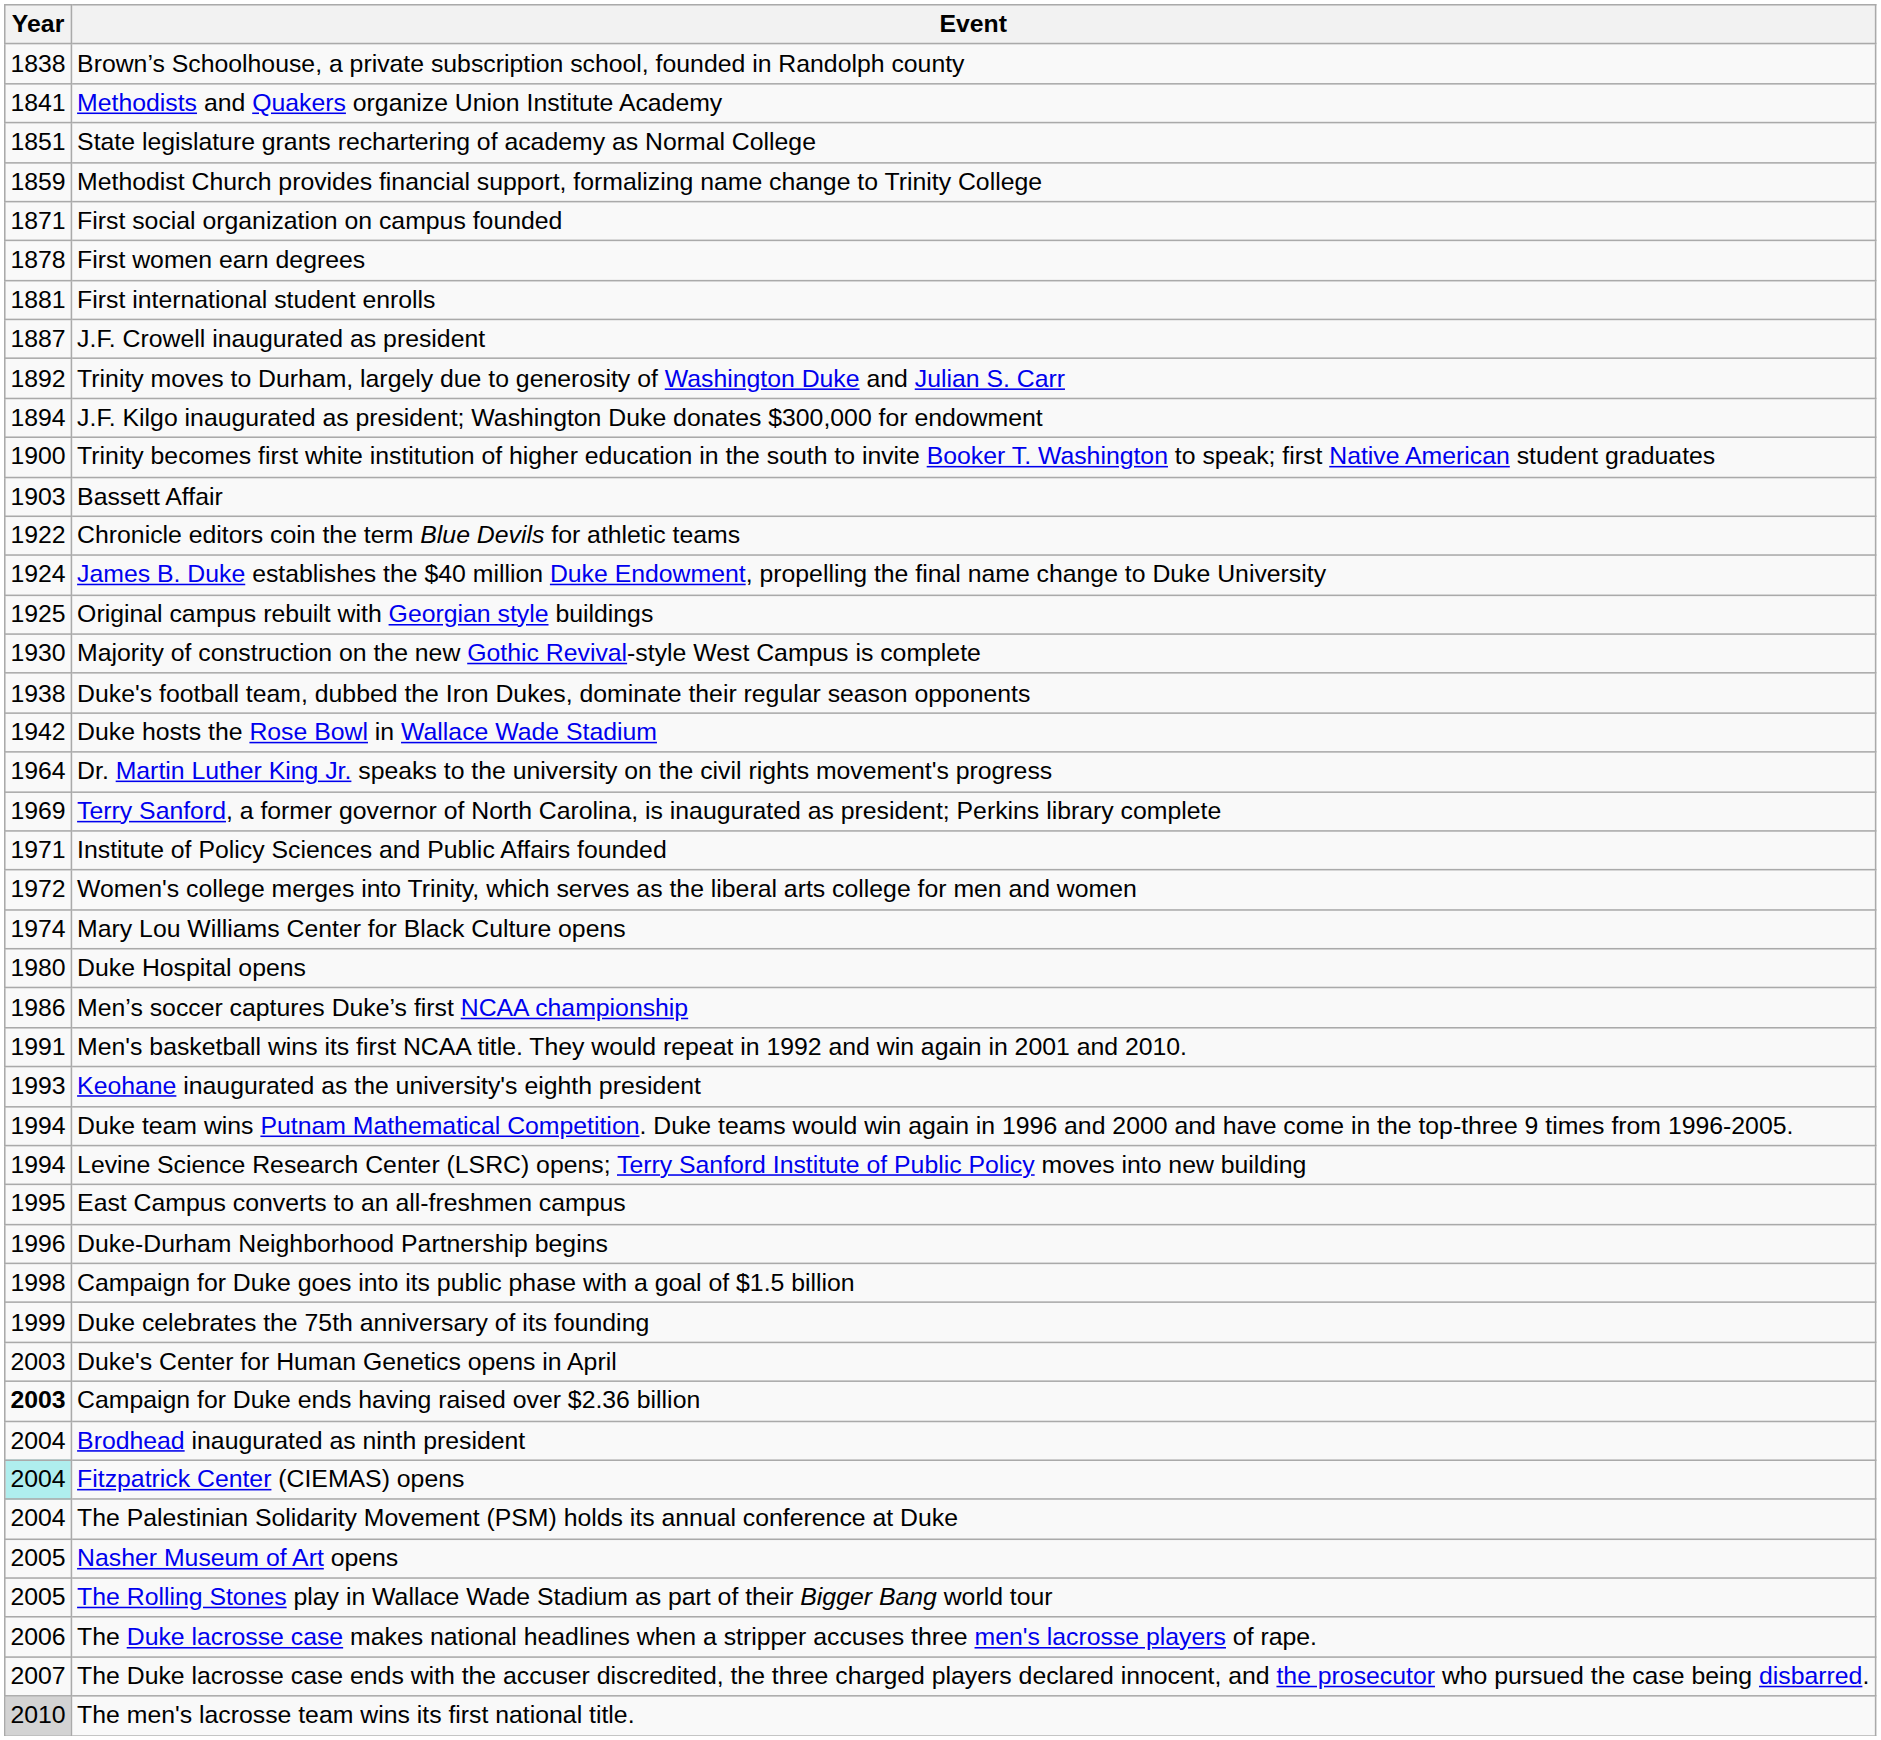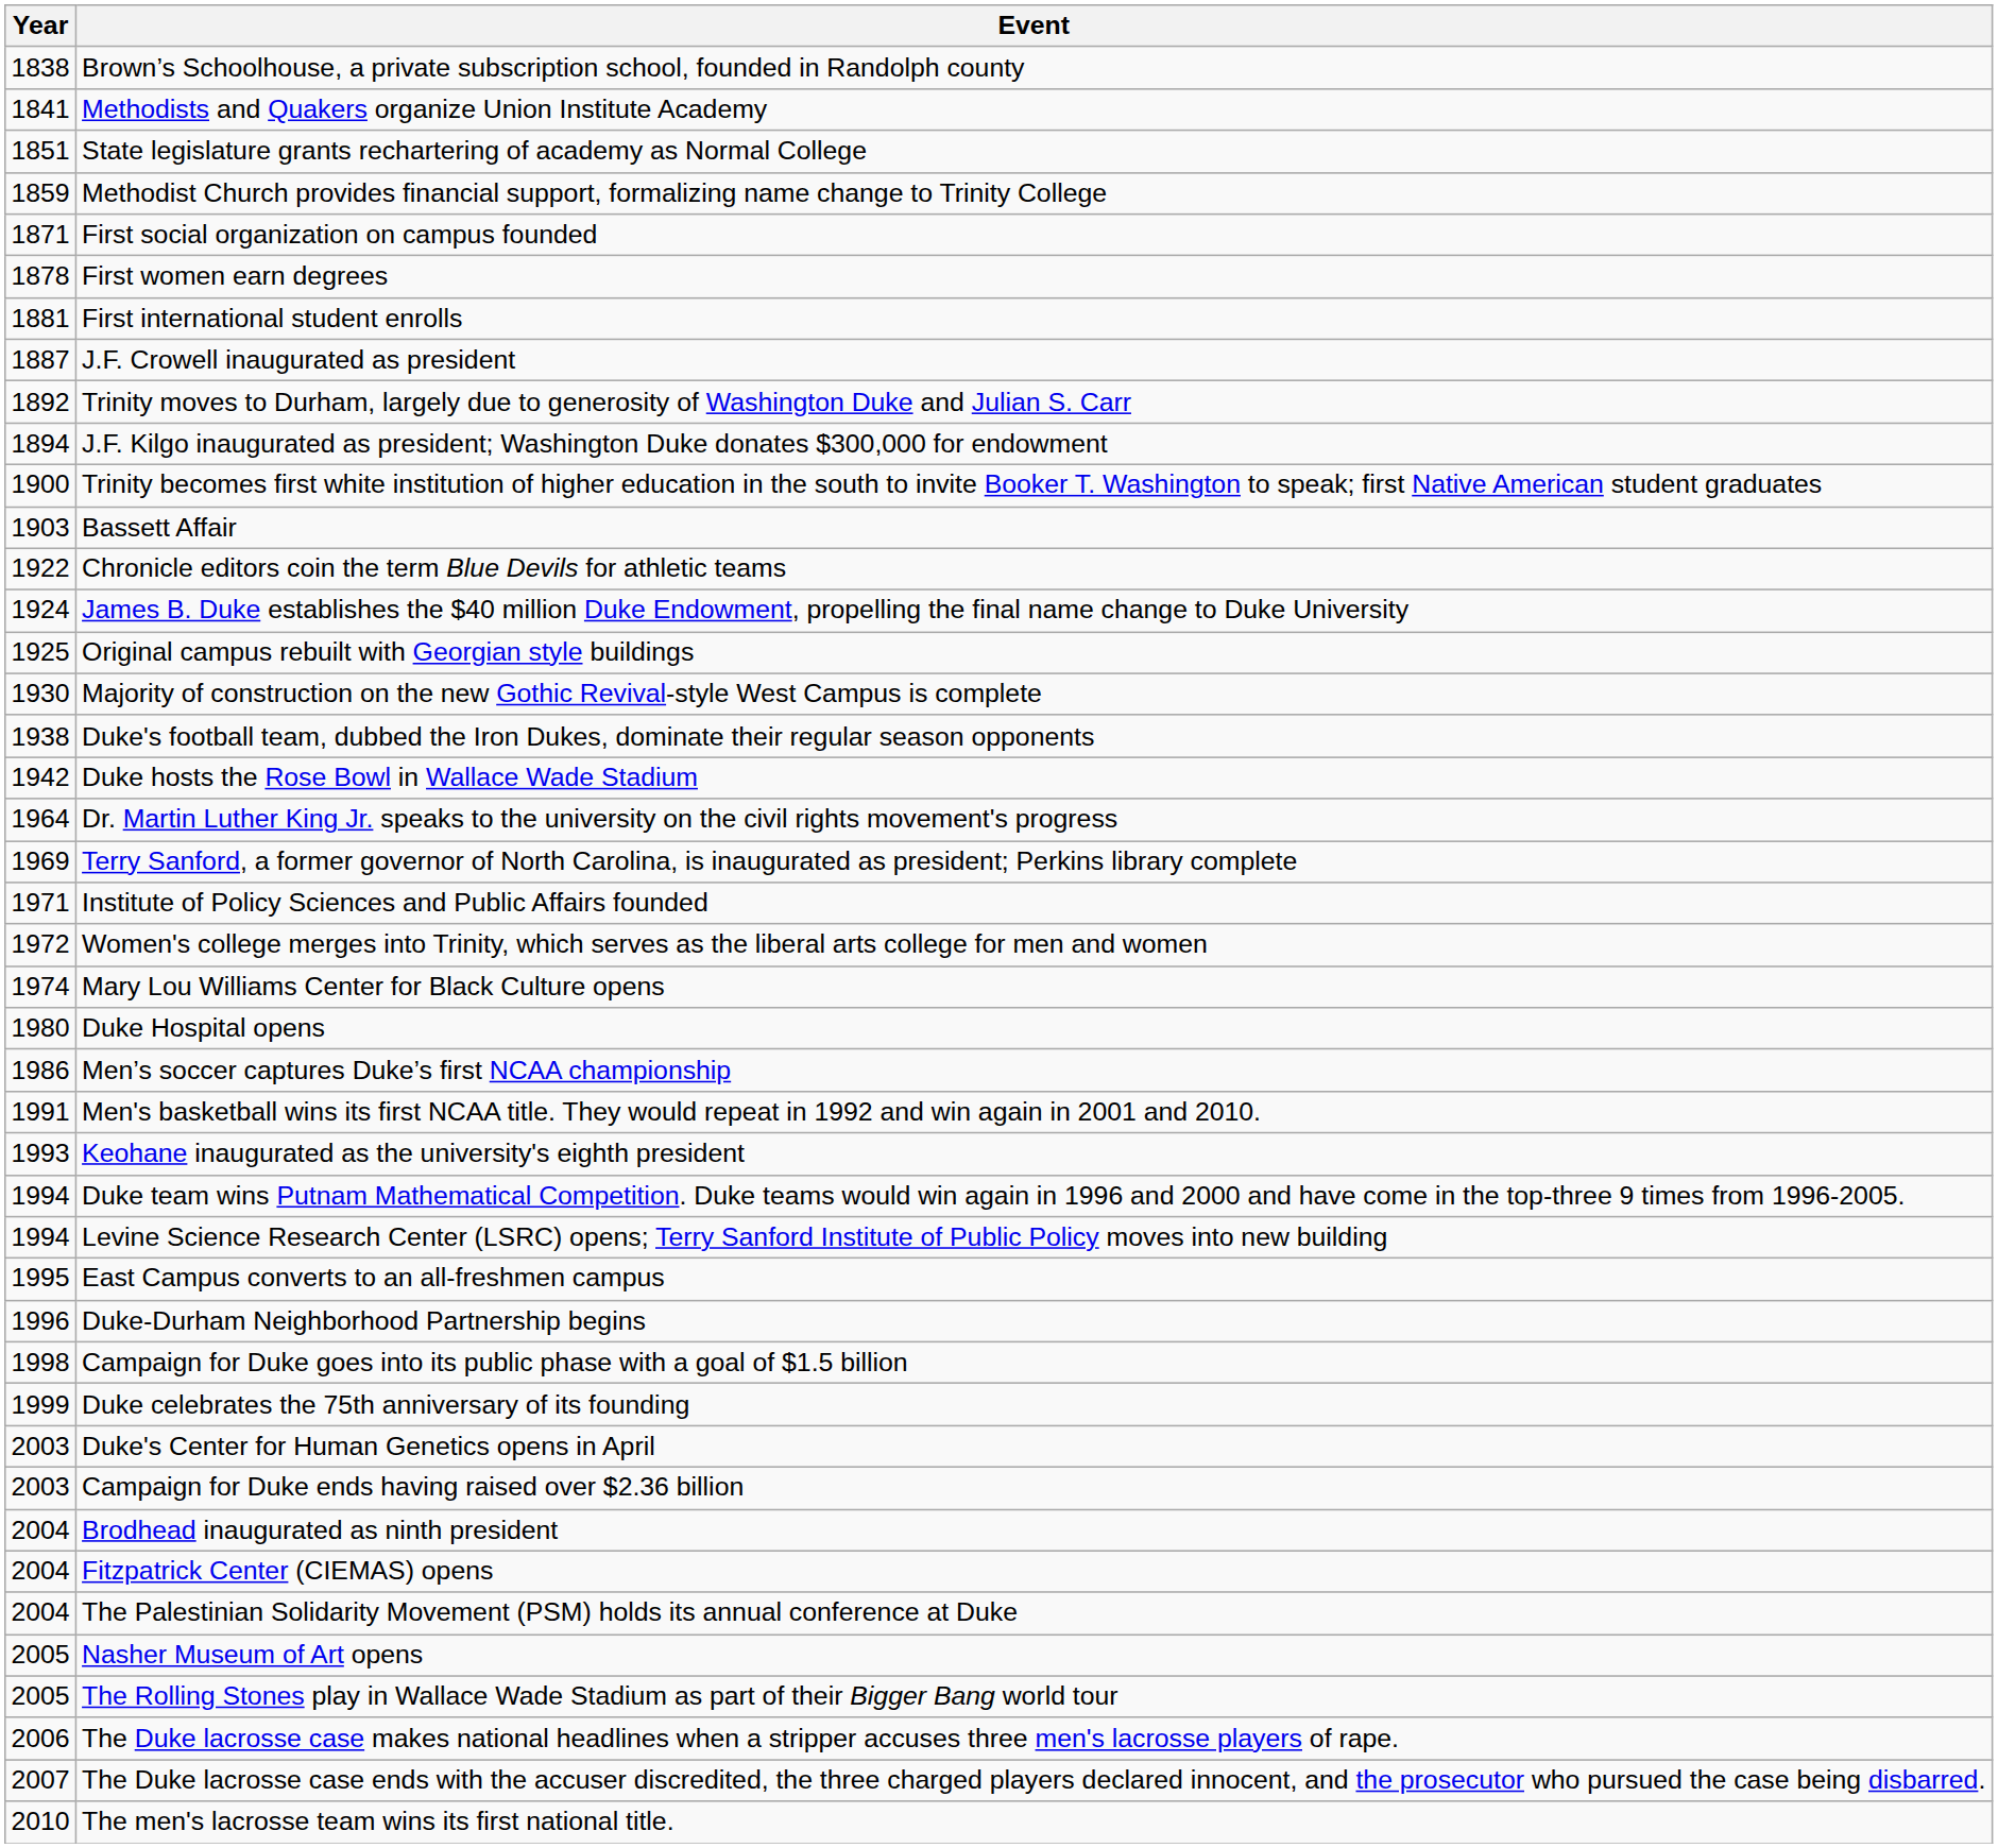 <table class="wikitable">
 <tr>
 <th>Year</th>
 <th>Event</th>
 </tr>
 <tr>
 <td>1838</td>
 <td>Brown’s Schoolhouse, a private subscription school, founded in Randolph county</td>
 </tr>
 <tr>
 <td>1841</td>
 <td><a href='#'>Methodists</a> and <a href='#'>Quakers</a> organize Union Institute Academy</td>
 </tr>
 <tr>
 <td>1851</td>
 <td>State legislature grants rechartering of academy as Normal College</td>
 </tr>
 <tr>
 <td>1859</td>
 <td>Methodist Church provides financial support, formalizing name change to Trinity College</td>
 </tr>
 <tr>
 <td>1871</td>
 <td>First social organization on campus founded</td>
 </tr>
 <tr>
 <td>1878</td>
 <td>First women earn degrees</td>
 </tr>
 <tr>
 <td>1881</td>
 <td>First international student enrolls</td>
 </tr>
 <tr>
 <td>1887</td>
 <td>J.F. Crowell inaugurated as president</td>
 </tr>
 <tr>
 <td>1892</td>
 <td>Trinity moves to Durham, largely due to generosity of <a href='#'>Washington Duke</a> and <a href='#'>Julian S. Carr</a></td>
 </tr>
 <tr>
 <td>1894</td>
 <td>J.F. Kilgo inaugurated as president; Washington Duke donates $300,000 for endowment</td>
 </tr>
 <tr>
 <td>1900</td>
 <td>Trinity becomes first white institution of higher education in the south to invite <a href='#'>Booker T. Washington</a> to speak; first <a href='#'>Native American</a> student graduates</td>
 </tr>
 <tr>
 <td>1903</td>
 <td>Bassett Affair</td>
 </tr>
 <tr>
 <td>1922</td>
 <td>Chronicle editors coin the term <em>Blue Devils</em> for athletic teams</td>
 </tr>
 <tr>
 <td>1924</td>
 <td><a href='#'>James B. Duke</a> establishes the $40 million <a href='#'>Duke Endowment</a>, propelling the final name change to Duke University</td>
 </tr>
 <tr>
 <td>1925</td>
 <td>Original campus rebuilt with <a href='#'>Georgian style</a> buildings</td>
 </tr>
 <tr>
 <td>1930</td>
 <td>Majority of construction on the new <a href='#'>Gothic Revival</a>-style West Campus is complete</td>
 </tr>
 <tr>
 <td>1938</td>
 <td>Duke's football team, dubbed the Iron Dukes, dominate their regular season opponents</td>
 </tr>
 <tr>
 <td>1942</td>
 <td>Duke hosts the <a href='#'>Rose Bowl</a> in <a href='#'>Wallace Wade Stadium</a></td>
 </tr>
 <tr>
 <td>1964</td>
 <td>Dr. <a href='#'>Martin Luther King Jr.</a> speaks to the university on the civil rights movement's progress</td>
 </tr>
 <tr>
 <td>1969</td>
 <td><a href='#'>Terry Sanford</a>, a former governor of North Carolina, is inaugurated as president; Perkins library complete</td>
 </tr>
 <tr>
 <td>1971</td>
 <td>Institute of Policy Sciences and Public Affairs founded</td>
 </tr>
 <tr>
 <td>1972</td>
 <td>Women's college merges into Trinity, which serves as the liberal arts college for men and women</td>
 </tr>
 <tr>
 <td>1974</td>
 <td>Mary Lou Williams Center for Black Culture opens</td>
 </tr>
 <tr>
 <td>1980</td>
 <td>Duke Hospital opens</td>
 </tr>
 <tr>
 <td>1986</td>
 <td>Men’s soccer captures Duke’s first <a href='#'>NCAA championship</a></td>
 </tr>
 <tr>
 <td>1991</td>
 <td>Men's basketball wins its first NCAA title. They would repeat in 1992 and win again in 2001 and 2010.</td>
 </tr>
 <tr>
 <td>1993</td>
 <td><a href='#'>Keohane</a> inaugurated as the university's eighth president</td>
 </tr>
 <tr>
 <td>1994</td>
 <td>Duke team wins <a href='#'>Putnam Mathematical Competition</a>. Duke teams would win again in 1996 and 2000 and have come in the top-three 9 times from 1996-2005.</td>
 </tr>
 <tr>
 <td>1994</td>
 <td>Levine Science Research Center (LSRC) opens; <a href='#'>Terry Sanford Institute of Public Policy</a> moves into new building</td>
 </tr>
 <tr>
 <td>1995</td>
 <td>East Campus converts to an all-freshmen campus</td>
 </tr>
 <tr>
 <td>1996</td>
 <td>Duke-Durham Neighborhood Partnership begins</td>
 </tr>
 <tr>
 <td>1998</td>
 <td>Campaign for Duke goes into its public phase with a goal of $1.5 billion</td>
 </tr>
 <tr>
 <td>1999</td>
 <td>Duke celebrates the 75th anniversary of its founding</td>
 </tr>
 <tr>
 <td>2003</td>
 <td>Duke's Center for Human Genetics opens in April</td>
 </tr>
 <tr>
-<td><strong>2003</strong></td>
+<td>2003</td>
 <td>Campaign for Duke ends having raised over $2.36 billion</td>
 </tr>
 <tr>
 <td>2004</td>
 <td><a href='#'>Brodhead</a> inaugurated as ninth president</td>
 </tr>
 <tr>
-<td style="background: paleturquoise;">2004</td>
+<td>2004</td>
 <td><a href='#'>Fitzpatrick Center</a> (CIEMAS) opens</td>
 </tr>
 <tr>
 <td>2004</td>
 <td>The Palestinian Solidarity Movement (PSM) holds its annual conference at Duke</td>
 </tr>
 <tr>
 <td>2005</td>
 <td><a href='#'>Nasher Museum of Art</a> opens</td>
 </tr>
 <tr>
 <td>2005</td>
 <td><a href='#'>The Rolling Stones</a> play in Wallace Wade Stadium as part of their <em>Bigger Bang</em> world tour</td>
 </tr>
 <tr>
 <td>2006</td>
 <td>The <a href='#'>Duke lacrosse case</a> makes national headlines when a stripper accuses three <a href='#'>men's lacrosse players</a> of rape.</td>
 </tr>
 <tr>
 <td>2007</td>
 <td>The Duke lacrosse case ends with the accuser discredited, the three charged players declared innocent, and <a href='#'>the prosecutor</a> who pursued the case being <a href='#'>disbarred</a>.</td>
 </tr>
 <tr>
-<td style="background: lightgrey;">2010</td>
+<td>2010</td>
 <td>The men's lacrosse team wins its first national title.</td>
 </tr>
 </table>
